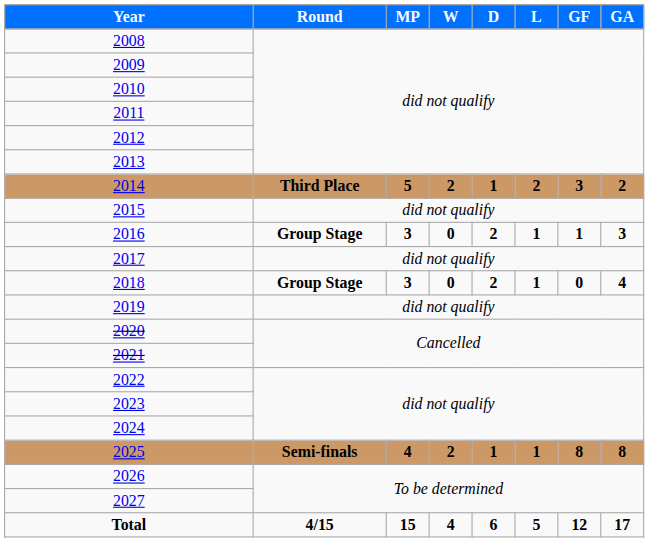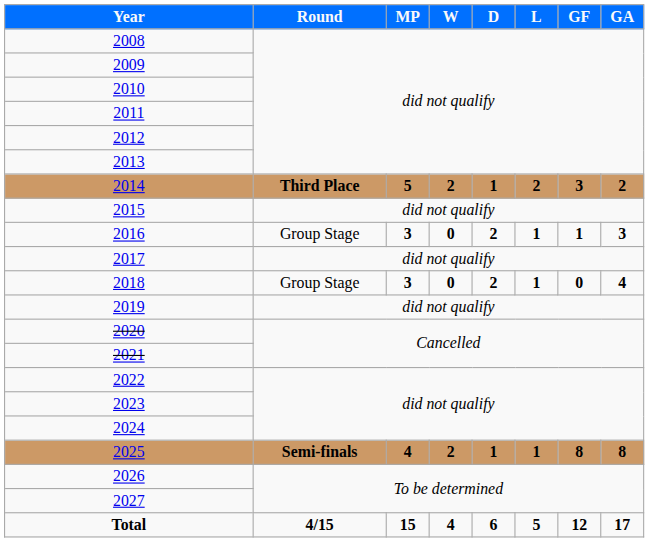 <table align=border border=1 cellpadding="2" cellspacing="0" style="background: #f9f9f9; border: 1px #aaa solid; border-collapse: collapse; font-size: 90%; text-align: center;">
 <tr align=center bgcolor=#0070FF style="color:#f9f9f9;">
 <th width="221">Year</th>
 <th width="116">Round</th>
 <th width="34">MP</th>
 <th width="34">W</th>
 <th width="34">D</th>
 <th width="34">L</th>
 <th width="34">GF</th>
 <th width="34">GA</th>
 </tr>
 <tr>
 <td> <a href='#'>2008</a></td>
 <td rowspan=6 colspan=7><em>did not qualify</em></td>
 </tr>
 <tr>
 <td> <a href='#'>2009</a></td>
 </tr>
 <tr>
 <td> <a href='#'>2010</a></td>
 </tr>
 <tr>
 <td> <a href='#'>2011</a></td>
 </tr>
 <tr>
 <td> <a href='#'>2012</a></td>
 </tr>
 <tr>
 <td> <a href='#'>2013</a></td>
 </tr>
 <tr style="background:#c96;">
 <td> <a href='#'>2014</a></td>
 <td><strong>Third Place</strong></td>
 <td><strong>5</strong></td>
 <td><strong>2</strong></td>
 <td><strong>1</strong></td>
 <td><strong>2</strong></td>
 <td><strong>3</strong></td>
 <td><strong>2</strong></td>
 </tr>
 <tr>
 <td> <a href='#'>2015</a></td>
 <td colspan=7><em>did not qualify</em></td>
 </tr>
 <tr>
 <td> <a href='#'>2016</a></td>
-<td><strong>Group Stage</strong></td>
+<td>Group Stage</td>
 <td><strong>3</strong></td>
 <td><strong>0</strong></td>
 <td><strong>2</strong></td>
 <td><strong>1</strong></td>
 <td><strong>1</strong></td>
 <td><strong>3</strong></td>
 </tr>
 <tr>
 <td> <a href='#'>2017</a></td>
 <td rowspan=1 colspan=8><em>did not qualify</em></td>
 </tr>
 <tr>
 <td> <a href='#'>2018</a></td>
-<td><strong>Group Stage</strong></td>
+<td>Group Stage</td>
 <td><strong>3</strong></td>
 <td><strong>0</strong></td>
 <td><strong>2</strong></td>
 <td><strong>1</strong></td>
 <td><strong>0</strong></td>
 <td><strong>4</strong></td>
 </tr>
 <tr>
 <td> <a href='#'>2019</a></td>
 <td colspan=7><em>did not qualify</em></td>
 </tr>
 <tr>
 <td> <s><a href='#'>2020</a></s></td>
 <td rowspan=2 colspan=7><em>Cancelled</em></td>
 </tr>
 <tr>
 <td> <s><a href='#'>2021</a></s></td>
 </tr>
 <tr>
 <td> <a href='#'>2022</a></td>
 <td rowspan=3 colspan=7><em>did not qualify</em></td>
 </tr>
 <tr>
 <td> <a href='#'>2023</a></td>
 </tr>
 <tr>
 <td> <a href='#'>2024</a></td>
 </tr>
 <tr style="background:#c96;">
 <td> <a href='#'>2025</a></td>
 <td><strong>Semi-finals</strong></td>
 <td><strong>4</strong></td>
 <td><strong>2</strong></td>
 <td><strong>1</strong></td>
 <td><strong>1</strong></td>
 <td><strong>8</strong></td>
 <td><strong>8</strong></td>
 </tr>
 <tr>
 <td> <a href='#'>2026</a></td>
 <td colspan=8 rowspan=2><em>To be determined</em></td>
 </tr>
 <tr>
 <td> <a href='#'>2027</a></td>
 </tr>
 <tr>
 <td><strong>Total</strong></td>
 <td><strong>4/15</strong></td>
 <td><strong>15</strong></td>
 <td><strong>4</strong></td>
 <td><strong>6</strong></td>
 <td><strong>5</strong></td>
 <td><strong>12</strong></td>
 <td><strong>17</strong></td>
 </tr>
 </table>
